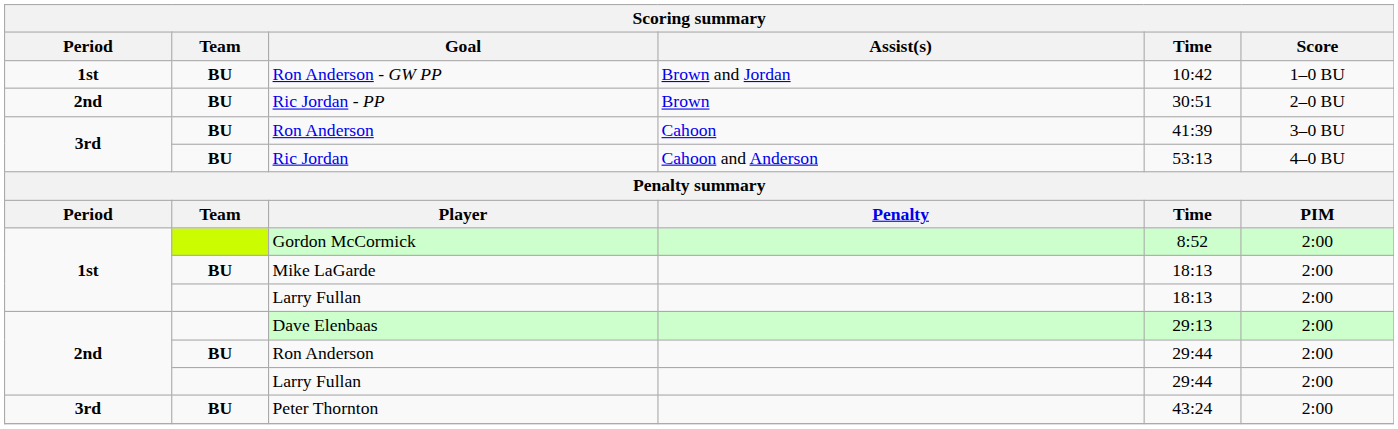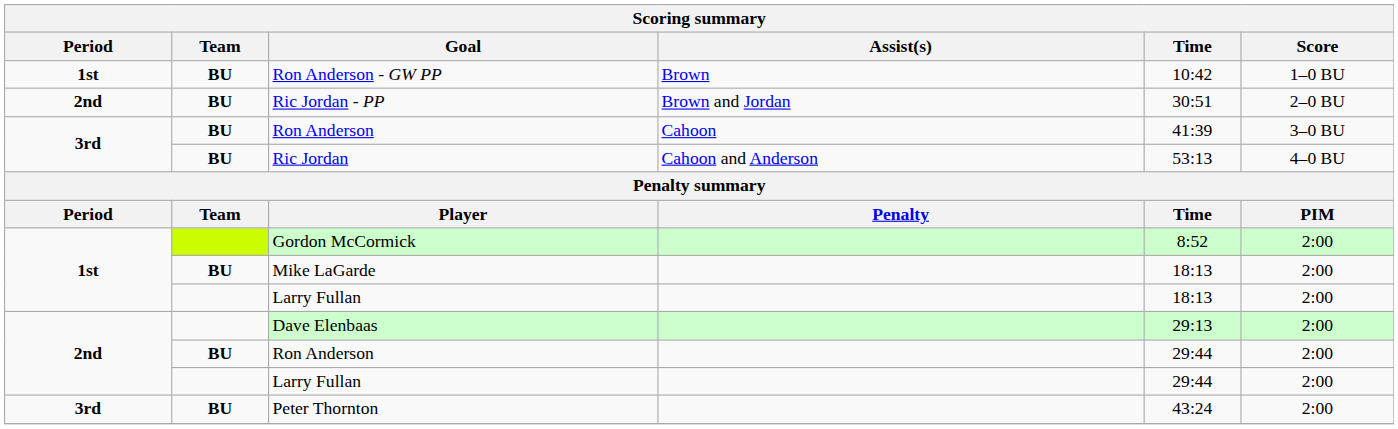 <table style="width:100%;" class="wikitable">
 <tr>
 <th colspan=6>Scoring summary</th>
 </tr>
 <tr>
 <th style="width:12%;">Period</th>
 <th style="width:7%;">Team</th>
 <th style="width:28%;">Goal</th>
 <th style="width:35%;">Assist(s)</th>
 <th style="width:7%;">Time</th>
 <th style="width:11%;">Score</th>
 </tr>
 <tr>
 <td style="text-align:center;" rowspan="1"><strong>1st</strong></td>
 <td align=center><strong>BU</strong></td>
 <td><a href='#'>Ron Anderson</a> - <em>GW PP</em></td>
-<td><a href='#'>Brown</a> and <a href='#'>Jordan</a></td>
+<td><a href='#'>Brown</a></td>
 <td align=center>10:42</td>
 <td align=center>1–0 BU</td>
 </tr>
 <tr>
 <td style="text-align:center;" rowspan="1"><strong>2nd</strong></td>
 <td align=center><strong>BU</strong></td>
 <td><a href='#'>Ric Jordan</a> - <em>PP</em></td>
-<td><a href='#'>Brown</a></td>
+<td><a href='#'>Brown</a> and <a href='#'>Jordan</a></td>
 <td align=center>30:51</td>
 <td align=center>2–0 BU</td>
 </tr>
 <tr>
 <td style="text-align:center;" rowspan="2"><strong>3rd</strong></td>
 <td align=center><strong>BU</strong></td>
 <td><a href='#'>Ron Anderson</a></td>
 <td><a href='#'>Cahoon</a></td>
 <td align=center>41:39</td>
 <td align=center>3–0 BU</td>
 </tr>
 <tr>
 <td align=center><strong>BU</strong></td>
 <td><a href='#'>Ric Jordan</a></td>
 <td><a href='#'>Cahoon</a> and <a href='#'>Anderson</a></td>
 <td align=center>53:13</td>
 <td align=center>4–0 BU</td>
 </tr>
 <tr>
 <th colspan=6>Penalty summary</th>
 </tr>
 <tr>
 <th style="width:12%;">Period</th>
 <th style="width:7%;">Team</th>
 <th style="width:28%;">Player</th>
 <th style="width:35%;"><a href='#'>Penalty</a></th>
 <th style="width:7%;">Time</th>
 <th style="width:11%;">PIM</th>
 </tr>
 <tr>
 <td style="text-align:center;" rowspan="3"><strong>1st</strong></td>
 <td bgcolor=#ccffcc; align=center style=><strong></strong></td>
 <td bgcolor=#ccffcc>Gordon McCormick</td>
 <td bgcolor=#ccffcc></td>
 <td align=center bgcolor=#ccffcc>8:52</td>
 <td align=center bgcolor=#ccffcc>2:00</td>
 </tr>
 <tr>
 <td align=center><strong>BU</strong></td>
 <td>Mike LaGarde</td>
 <td></td>
 <td align=center>18:13</td>
 <td align=center>2:00</td>
 </tr>
 <tr>
 <td align=center style=><strong></strong></td>
 <td>Larry Fullan</td>
 <td></td>
 <td align=center>18:13</td>
 <td align=center>2:00</td>
 </tr>
 <tr>
 <td style="text-align:center;" rowspan="3"><strong>2nd</strong></td>
 <td align=center style=><strong></strong></td>
 <td bgcolor=#ccffcc>Dave Elenbaas</td>
 <td bgcolor=#ccffcc></td>
 <td align=center bgcolor=#ccffcc>29:13</td>
 <td align=center bgcolor=#ccffcc>2:00</td>
 </tr>
 <tr>
 <td align=center><strong>BU</strong></td>
 <td>Ron Anderson</td>
 <td></td>
 <td align=center>29:44</td>
 <td align=center>2:00</td>
 </tr>
 <tr>
 <td align=center style=><strong></strong></td>
 <td>Larry Fullan</td>
 <td></td>
 <td align=center>29:44</td>
 <td align=center>2:00</td>
 </tr>
 <tr>
 <td style="text-align:center;" rowspan="1"><strong>3rd</strong></td>
 <td align=center><strong>BU</strong></td>
 <td>Peter Thornton</td>
 <td></td>
 <td align=center>43:24</td>
 <td align=center>2:00</td>
 </tr>
 <tr>
 </tr>
 </table>
